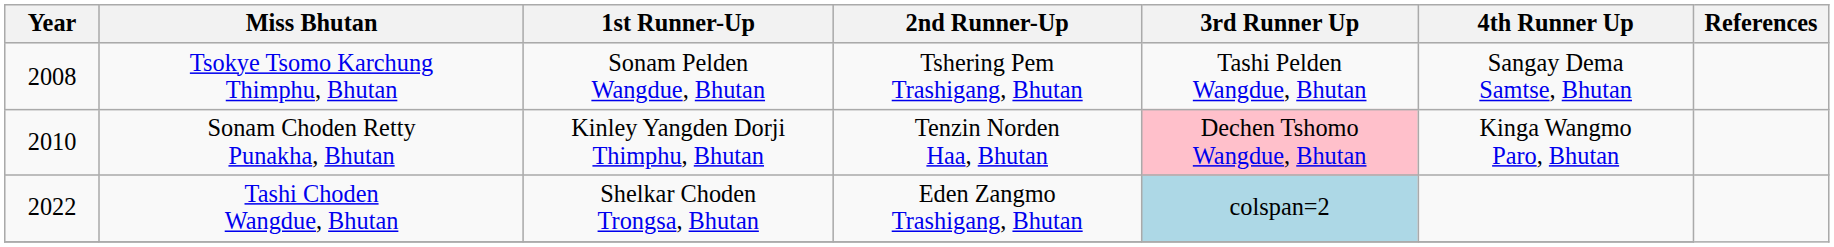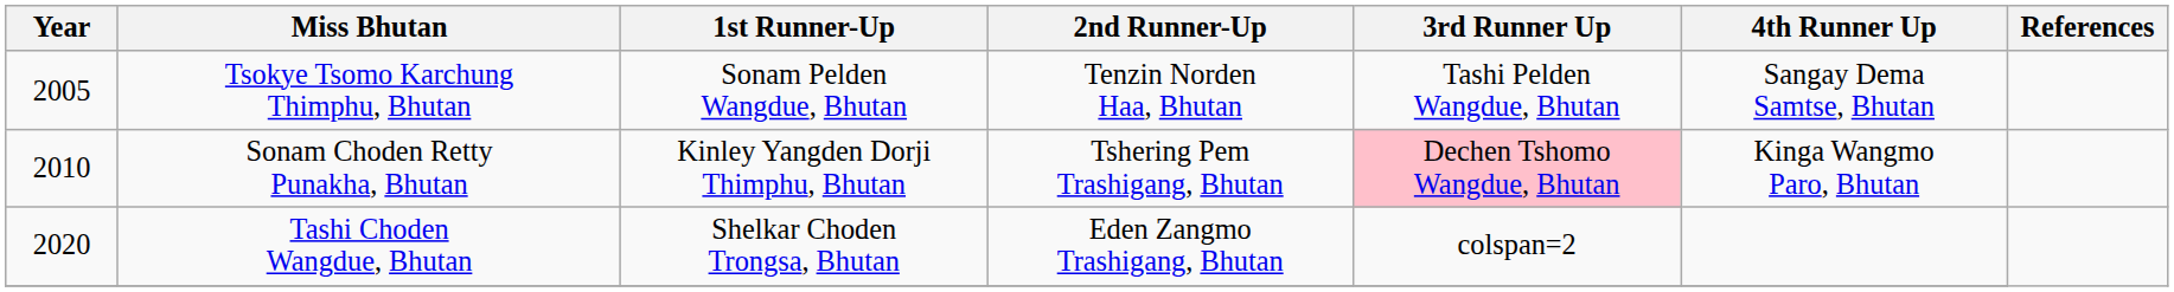 <table class="wikitable sortable" style="width:95%;text-align:center">
 <tr>
 <th width="50">Year</th>
 <th width="250">Miss Bhutan</th>
 <th width="180">1st Runner-Up</th>
 <th width="180">2nd Runner-Up</th>
 <th width="160">3rd Runner Up</th>
 <th width="160">4th Runner Up</th>
 <th width="20">References</th>
 </tr>
 <tr>
-<td>2008</td>
+<td>2005</td>
 <td><a href='#'>Tsokye Tsomo Karchung</a> <br><a href='#'>Thimphu</a>, <a href='#'>Bhutan</a></td>
 <td>Sonam Pelden <br> <a href='#'>Wangdue</a>, <a href='#'>Bhutan</a></td>
-<td>Tshering Pem <br> <a href='#'>Trashigang</a>, <a href='#'>Bhutan</a></td>
+<td>Tenzin Norden <br> <a href='#'>Haa</a>, <a href='#'>Bhutan</a></td>
 <td>Tashi Pelden	<br> <a href='#'>Wangdue</a>, <a href='#'>Bhutan</a></td>
 <td>Sangay Dema <br> <a href='#'>Samtse</a>, <a href='#'>Bhutan</a></td>
 <td></td>
 </tr>
 <tr>
 <td>2010</td>
 <td>Sonam Choden Retty <br> <a href='#'>Punakha</a>,  <a href='#'>Bhutan</a></td>
 <td>Kinley Yangden Dorji <br> <a href='#'>Thimphu</a>,  <a href='#'>Bhutan</a></td>
-<td>Tenzin Norden <br> <a href='#'>Haa</a>, <a href='#'>Bhutan</a></td>
+<td>Tshering Pem <br> <a href='#'>Trashigang</a>, <a href='#'>Bhutan</a></td>
 <td style="background: pink;">Dechen Tshomo <br> <a href='#'>Wangdue</a>, <a href='#'>Bhutan</a></td>
 <td>Kinga Wangmo <br> <a href='#'>Paro</a>, <a href='#'>Bhutan</a></td>
 <td></td>
 </tr>
 <tr>
-<td>2022</td>
+<td>2020</td>
 <td><a href='#'>Tashi Choden</a><br> <a href='#'>Wangdue</a>, <a href='#'>Bhutan</a></td>
 <td>Shelkar Choden <br> <a href='#'>Trongsa</a>, <a href='#'>Bhutan</a></td>
 <td>Eden Zangmo <br> <a href='#'>Trashigang</a>, <a href='#'>Bhutan</a></td>
-<td style="background: lightblue;">colspan=2 </td>
+<td>colspan=2 </td>
 <td></td>
 </tr>
 <tr>
 </tr>
 </table>
